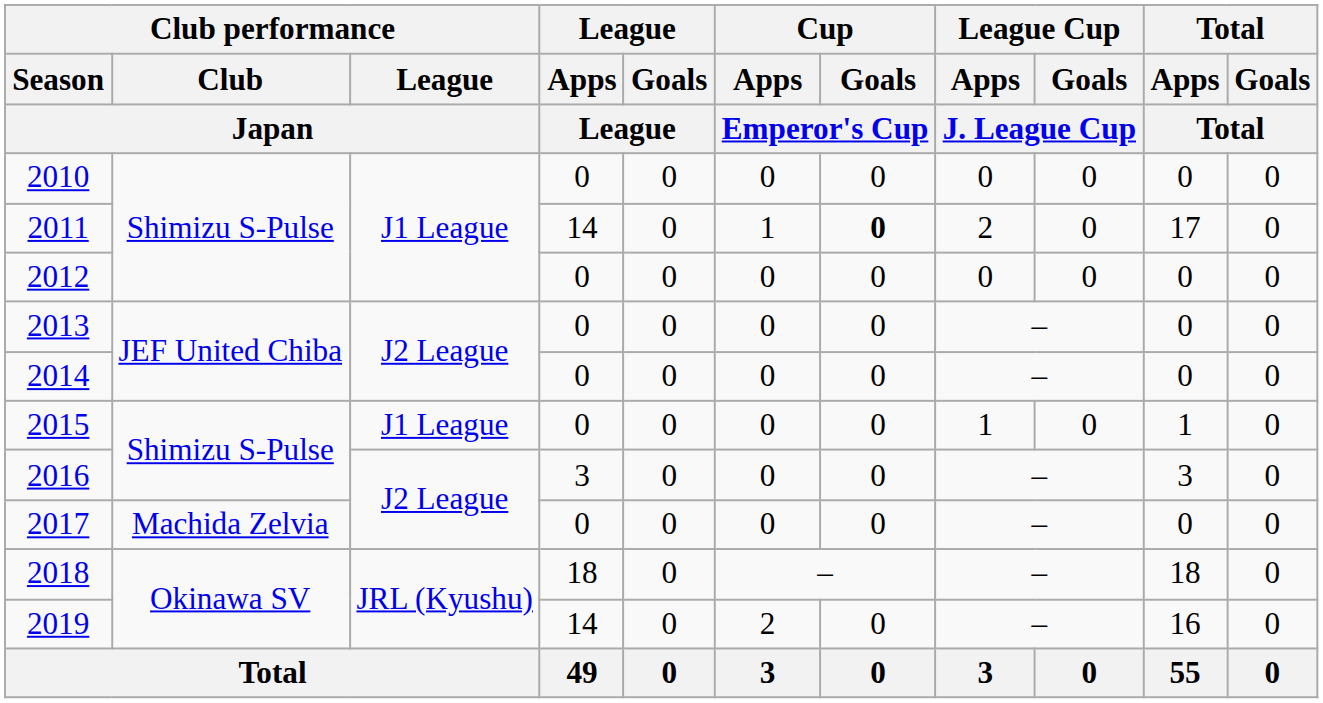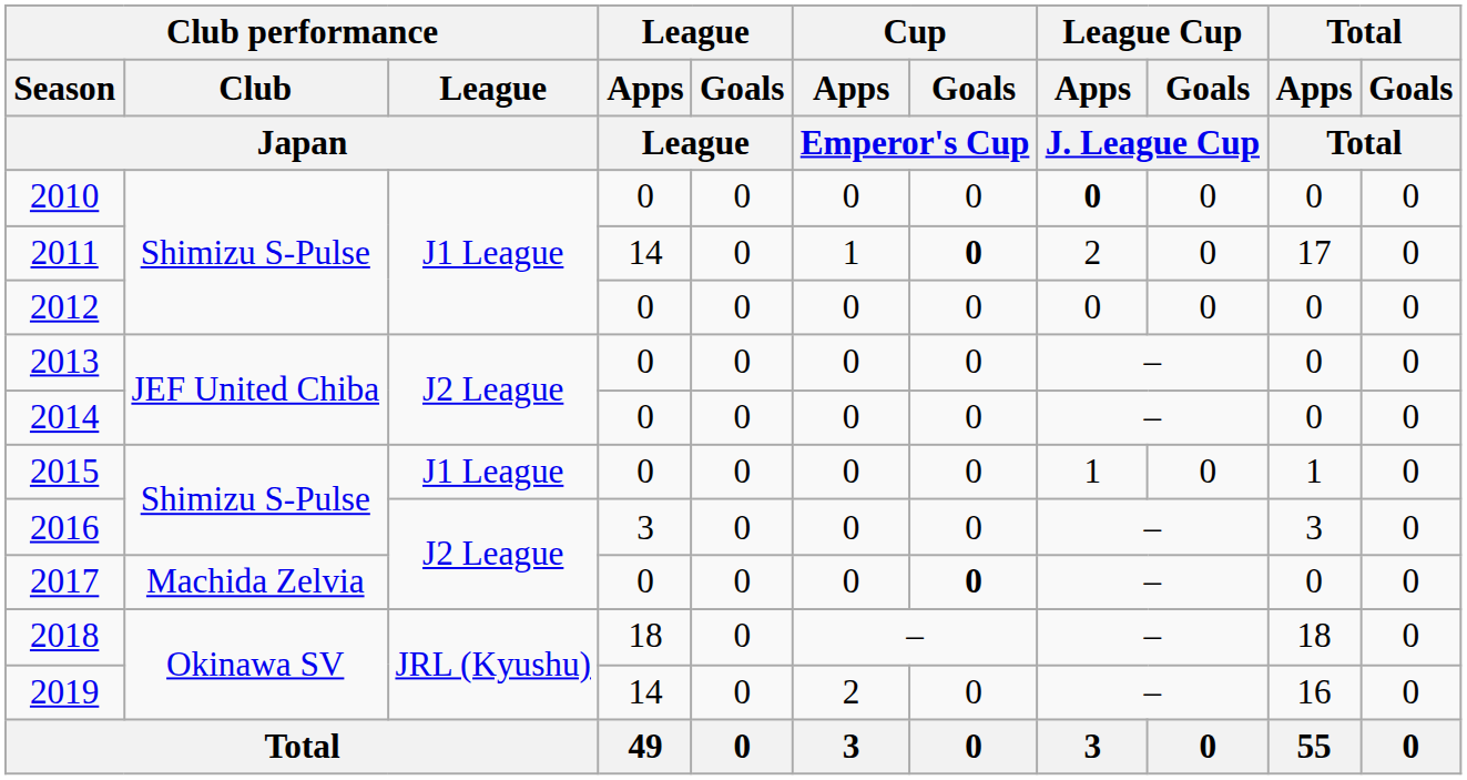 <table class="wikitable" style="text-align:center;">
 <tr>
 <th colspan=3>Club performance</th>
 <th colspan=2>League</th>
 <th colspan=2>Cup</th>
 <th colspan=2>League Cup</th>
 <th colspan=2>Total</th>
 </tr>
 <tr>
 <th>Season</th>
 <th>Club</th>
 <th>League</th>
 <th>Apps</th>
 <th>Goals</th>
 <th>Apps</th>
 <th>Goals</th>
 <th>Apps</th>
 <th>Goals</th>
 <th>Apps</th>
 <th>Goals</th>
 </tr>
 <tr>
 <th colspan=3>Japan</th>
 <th colspan=2>League</th>
 <th colspan=2><a href='#'>Emperor's Cup</a></th>
 <th colspan=2><a href='#'>J. League Cup</a></th>
 <th colspan=2>Total</th>
 </tr>
 <tr>
 <td><a href='#'>2010</a></td>
 <td rowspan="3"><a href='#'>Shimizu S-Pulse</a></td>
 <td rowspan="3"><a href='#'>J1 League</a></td>
 <td>0</td>
 <td>0</td>
 <td>0</td>
 <td>0</td>
-<td>0</td>
+<td><strong>0</strong></td>
 <td>0</td>
 <td>0</td>
 <td>0</td>
 </tr>
 <tr>
 <td><a href='#'>2011</a></td>
 <td>14</td>
 <td>0</td>
 <td>1</td>
 <td><strong>0</strong></td>
 <td>2</td>
 <td>0</td>
 <td>17</td>
 <td>0</td>
 </tr>
 <tr>
 <td><a href='#'>2012</a></td>
 <td>0</td>
 <td>0</td>
 <td>0</td>
 <td>0</td>
 <td>0</td>
 <td>0</td>
 <td>0</td>
 <td>0</td>
 </tr>
 <tr>
 <td><a href='#'>2013</a></td>
 <td rowspan="2"><a href='#'>JEF United Chiba</a></td>
 <td rowspan="2"><a href='#'>J2 League</a></td>
 <td>0</td>
 <td>0</td>
 <td>0</td>
 <td>0</td>
 <td colspan="2">–</td>
 <td>0</td>
 <td>0</td>
 </tr>
 <tr>
 <td><a href='#'>2014</a></td>
 <td>0</td>
 <td>0</td>
 <td>0</td>
 <td>0</td>
 <td colspan="2">–</td>
 <td>0</td>
 <td>0</td>
 </tr>
 <tr>
 <td><a href='#'>2015</a></td>
 <td rowspan="2"><a href='#'>Shimizu S-Pulse</a></td>
 <td rowspan="1"><a href='#'>J1 League</a></td>
 <td>0</td>
 <td>0</td>
 <td>0</td>
 <td>0</td>
 <td>1</td>
 <td>0</td>
 <td>1</td>
 <td>0</td>
 </tr>
 <tr>
 <td><a href='#'>2016</a></td>
 <td rowspan="2"><a href='#'>J2 League</a></td>
 <td>3</td>
 <td>0</td>
 <td>0</td>
 <td>0</td>
 <td colspan="2">–</td>
 <td>3</td>
 <td>0</td>
 </tr>
 <tr>
 <td><a href='#'>2017</a></td>
 <td><a href='#'>Machida Zelvia</a></td>
 <td>0</td>
 <td>0</td>
 <td>0</td>
-<td>0</td>
+<td><strong>0</strong></td>
 <td colspan="2">–</td>
 <td>0</td>
 <td>0</td>
 </tr>
 <tr>
 <td><a href='#'>2018</a></td>
 <td rowspan="2"><a href='#'>Okinawa SV</a></td>
 <td rowspan="2"><a href='#'>JRL (Kyushu)</a></td>
 <td>18</td>
 <td>0</td>
 <td colspan="2">–</td>
 <td colspan="2">–</td>
 <td>18</td>
 <td>0</td>
 </tr>
 <tr>
 <td><a href='#'>2019</a></td>
 <td>14</td>
 <td>0</td>
 <td>2</td>
 <td>0</td>
 <td colspan="2">–</td>
 <td>16</td>
 <td>0</td>
 </tr>
 <tr>
 <th colspan=3>Total</th>
 <th>49</th>
 <th>0</th>
 <th>3</th>
 <th>0</th>
 <th>3</th>
 <th>0</th>
 <th>55</th>
 <th>0</th>
 </tr>
 </table>
